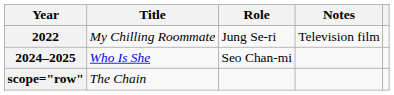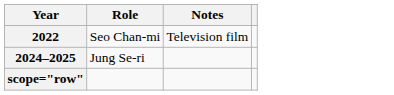 <table class="wikitable plainrowheaders">
 <tr>
 <th scope="col">Year</th>
-<th scope="col">Title</th>
 <th scope="col">Role</th>
 <th scope="col">Notes</th>
 <th scope="col"></th>
 </tr>
 <tr>
 <th scope="row">2022</th>
-<td><em>My Chilling Roommate</em></td>
-<td>Jung Se-ri</td>
+<td>Seo Chan-mi</td>
 <td>Television film</td>
 <td style="text-align:center"></td>
 </tr>
 <tr>
 <th scope="row">2024–2025</th>
-<td><em><a href='#'>Who Is She</a></em></td>
-<td>Seo Chan-mi</td>
+<td>Jung Se-ri</td>
 <td></td>
 <td style="text-align:center"></td>
 </tr>
 <tr>
 <th>scope="row" </th>
-<td><em>The Chain</em></td>
 <td></td>
 <td></td>
 <td style="text-align:center"></td>
 </tr>
 </table>
